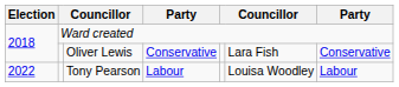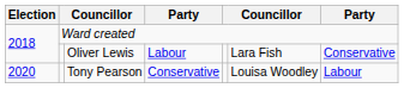 <table class="wikitable">
 <tr>
 <th>Election</th>
 <th colspan="2">Councillor</th>
 <th>Party</th>
 <th colspan="2">Councillor</th>
 <th>Party</th>
 </tr>
 <tr>
 <td rowspan="2"><a href='#'>2018</a></td>
 <td colspan="12"><em>Ward created</em></td>
 </tr>
 <tr>
 <td style="background-color: "></td>
 <td>Oliver Lewis</td>
-<td><a href='#'>Conservative</a></td>
+<td><a href='#'>Labour</a></td>
 <td style="background-color: "></td>
 <td>Lara Fish</td>
 <td><a href='#'>Conservative</a></td>
 </tr>
 <tr>
-<td><a href='#'>2022</a></td>
+<td><a href='#'>2020</a></td>
 <td style="background-color: "></td>
 <td>Tony Pearson</td>
-<td><a href='#'>Labour</a></td>
+<td><a href='#'>Conservative</a></td>
 <td style="background-color: "></td>
 <td>Louisa Woodley</td>
 <td><a href='#'>Labour</a></td>
 </tr>
 </table>
